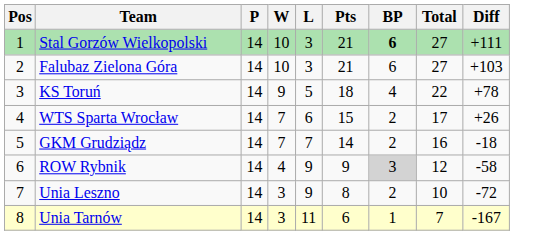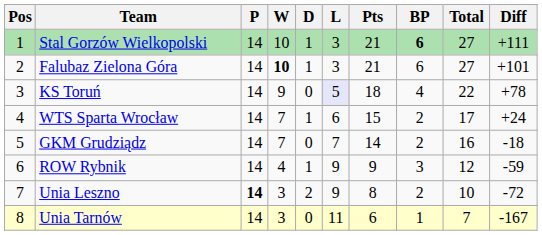 <table class="wikitable" style="font-size: 100%">
 <tr>
 <th width=20>Pos</th>
 <th width=200>Team</th>
 <th width=20>P</th>
 <th width=20>W</th>
+<th width=20>D</th>
 <th width=20>L</th>
 <th width=40>Pts</th>
 <th width=40>BP</th>
 <th width=40>Total</th>
 <th width=40>Diff</th>
 </tr>
 <tr align=center style="background:#ACE1AF;">
 <td>1</td>
 <td align="left"><a href='#'>Stal Gorzów Wielkopolski</a></td>
 <td>14</td>
 <td>10</td>
+<td>1</td>
 <td>3</td>
 <td>21</td>
 <td><strong>6</strong></td>
 <td>27</td>
 <td>+111</td>
 </tr>
 <tr align=center>
 <td>2</td>
 <td align="left"><a href='#'>Falubaz Zielona Góra</a></td>
 <td>14</td>
-<td>10</td>
+<td><strong>10</strong></td>
+<td>1</td>
 <td>3</td>
 <td>21</td>
 <td>6</td>
 <td>27</td>
-<td>+103</td>
+<td>+101</td>
 </tr>
 <tr align=center>
 <td>3</td>
 <td align="left"><a href='#'>KS Toruń</a></td>
 <td>14</td>
 <td>9</td>
-<td>5</td>
+<td>0</td>
+<td style="background: lavender;">5</td>
 <td>18</td>
 <td>4</td>
 <td>22</td>
 <td>+78</td>
 </tr>
 <tr align=center>
 <td>4</td>
 <td align="left"><a href='#'>WTS Sparta Wrocław</a></td>
 <td>14</td>
 <td>7</td>
+<td>1</td>
 <td>6</td>
 <td>15</td>
 <td>2</td>
 <td>17</td>
-<td>+26</td>
+<td>+24</td>
 </tr>
 <tr align=center>
 <td>5</td>
 <td align="left"><a href='#'>GKM Grudziądz</a></td>
 <td>14</td>
 <td>7</td>
+<td>0</td>
 <td>7</td>
 <td>14</td>
 <td>2</td>
 <td>16</td>
 <td>-18</td>
 </tr>
 <tr align=center>
 <td>6</td>
 <td align="left"><a href='#'>ROW Rybnik</a></td>
 <td>14</td>
 <td>4</td>
+<td>1</td>
 <td>9</td>
 <td>9</td>
-<td style="background: lightgrey;">3</td>
+<td>3</td>
 <td>12</td>
-<td>-58</td>
+<td>-59</td>
 </tr>
 <tr align=center>
 <td>7</td>
 <td align="left"><a href='#'>Unia Leszno</a></td>
-<td>14</td>
+<td><strong>14</strong></td>
 <td>3</td>
+<td>2</td>
 <td>9</td>
 <td>8</td>
 <td>2</td>
 <td>10</td>
 <td>-72</td>
 </tr>
 <tr align=center style="background: #ffffcc;">
 <td>8</td>
 <td align="left"><a href='#'>Unia Tarnów</a></td>
 <td>14</td>
 <td>3</td>
+<td>0</td>
 <td>11</td>
 <td>6</td>
 <td>1</td>
 <td>7</td>
 <td>-167</td>
 </tr>
 </table>
